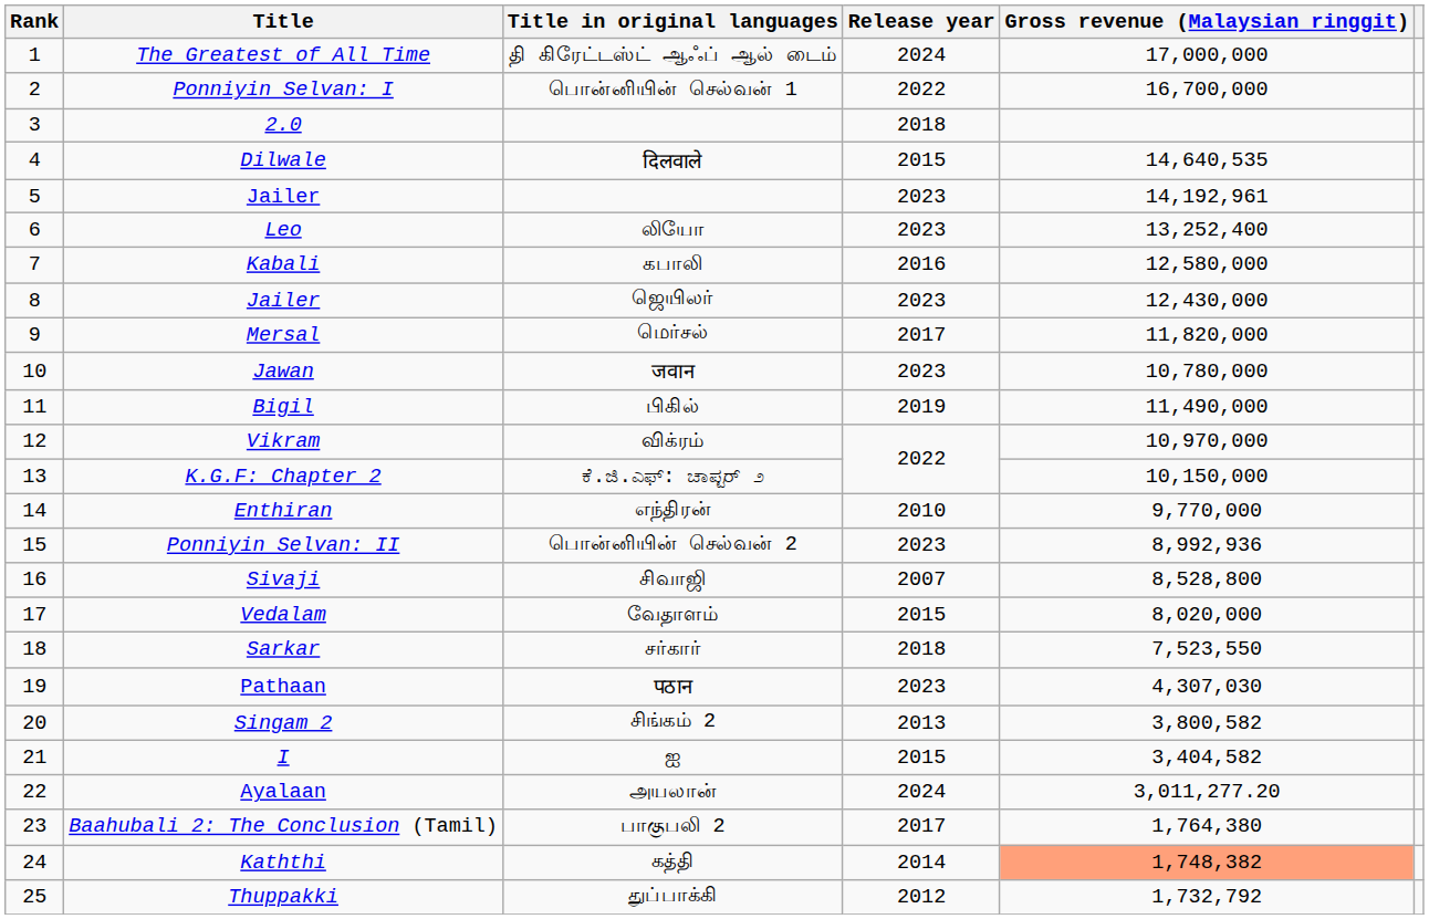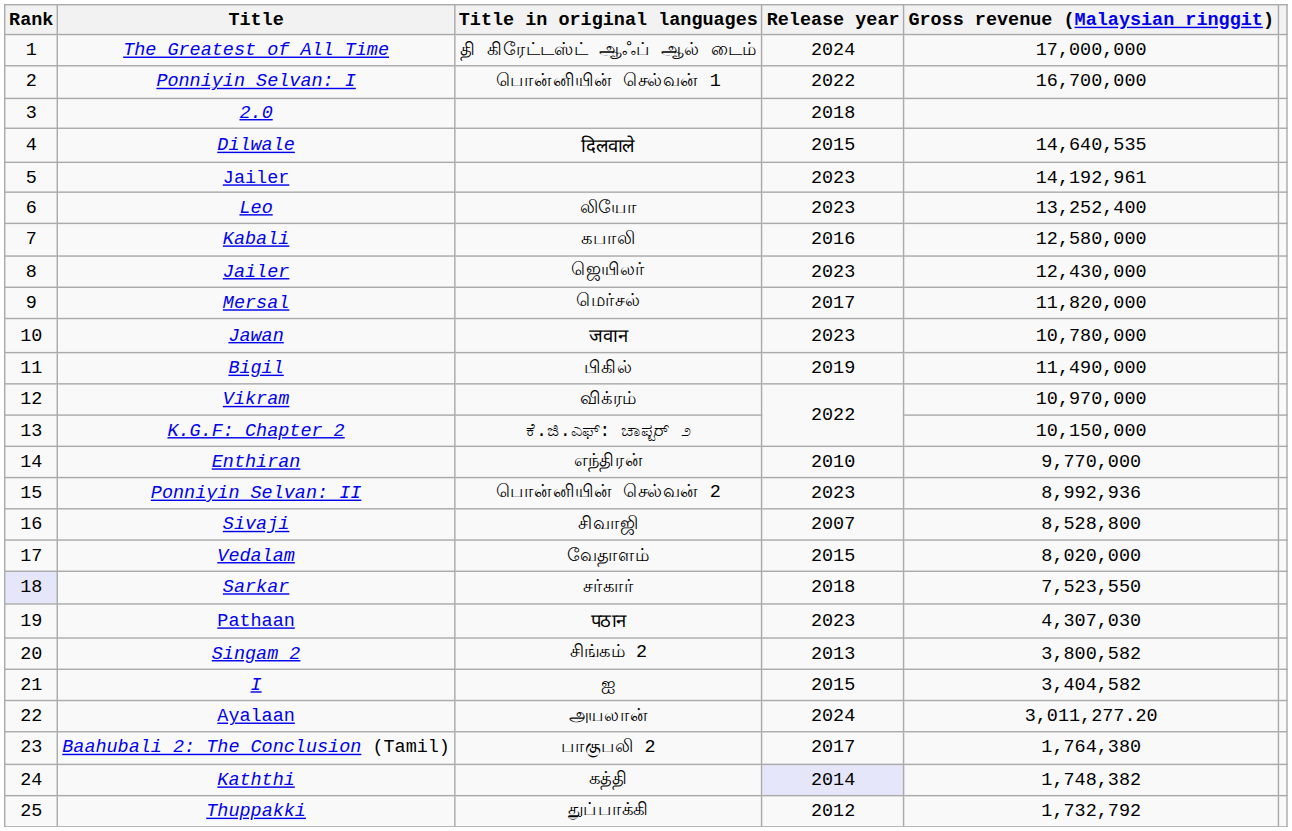 <table class="wikitable sortable" style="text-align:center">
 <tr>
 <th>Rank</th>
 <th>Title</th>
 <th>Title in original languages</th>
 <th>Release year</th>
 <th>Gross revenue (<a href='#'>Malaysian ringgit</a>)</th>
 <th class="unsortable"></th>
 </tr>
 <tr>
 <td>1</td>
 <td><em><a href='#'>The Greatest of All Time</a></em></td>
 <td>தி கிரேட்டஸ்ட் ஆஃப் ஆல் டைம்</td>
 <td>2024</td>
 <td>17,000,000</td>
 <td></td>
 </tr>
 <tr>
 <td>2</td>
 <td><em><a href='#'>Ponniyin Selvan: I</a></em></td>
 <td>பொன்னியின் செல்வன் 1</td>
 <td>2022</td>
 <td>16,700,000</td>
 <td></td>
 </tr>
 <tr>
 <td>3</td>
 <td><em><a href='#'>2.0</a></em></td>
 <td></td>
 <td>2018</td>
 <td></td>
 <td></td>
 </tr>
 <tr>
 <td>4</td>
 <td><em><a href='#'>Dilwale</a></em></td>
 <td>दिलवाले</td>
 <td>2015</td>
 <td>14,640,535</td>
 <td></td>
 </tr>
 <tr>
 <td>5</td>
 <td><a href='#'>Jailer</a></td>
 <td></td>
 <td>2023</td>
 <td>14,192,961</td>
 <td></td>
 </tr>
 <tr>
 <td>6</td>
 <td><em><a href='#'>Leo</a></em></td>
 <td>லியோ</td>
 <td>2023</td>
 <td>13,252,400</td>
 <td></td>
 </tr>
 <tr>
 <td>7</td>
 <td><em><a href='#'>Kabali</a></em></td>
 <td>கபாலி</td>
 <td>2016</td>
 <td>12,580,000</td>
 <td></td>
 </tr>
 <tr>
 <td>8</td>
 <td><em><a href='#'>Jailer</a></em></td>
 <td>ஜெயிலர்</td>
 <td>2023</td>
 <td>12,430,000</td>
 <td></td>
 </tr>
 <tr>
 <td>9</td>
 <td><em><a href='#'>Mersal</a></em></td>
 <td>மெர்சல்</td>
 <td>2017</td>
 <td>11,820,000</td>
 <td></td>
 </tr>
 <tr>
 <td>10</td>
 <td><em><a href='#'>Jawan</a></em></td>
 <td>जवान</td>
 <td>2023</td>
 <td>10,780,000</td>
 <td></td>
 </tr>
 <tr>
 <td>11</td>
 <td><em><a href='#'>Bigil</a></em></td>
 <td>பிகில்</td>
 <td>2019</td>
 <td>11,490,000</td>
 <td></td>
 </tr>
 <tr>
 <td>12</td>
 <td><em><a href='#'>Vikram</a></em></td>
 <td>விக்ரம்</td>
 <td rowspan="2">2022</td>
 <td>10,970,000</td>
 <td></td>
 </tr>
 <tr>
 <td>13</td>
 <td><em><a href='#'>K.G.F: Chapter 2</a></em></td>
 <td>ಕೆ.ಜಿ.ಎಫ್: ಚಾಪ್ಟರ್ ೨</td>
 <td>10,150,000</td>
 <td></td>
 </tr>
 <tr>
 <td>14</td>
 <td><em><a href='#'>Enthiran</a></em></td>
 <td>எந்திரன்</td>
 <td>2010</td>
 <td>9,770,000</td>
 <td></td>
 </tr>
 <tr>
 <td>15</td>
 <td><em><a href='#'>Ponniyin Selvan: II</a></em></td>
 <td>பொன்னியின் செல்வன் 2</td>
 <td>2023</td>
 <td>8,992,936</td>
 <td></td>
 </tr>
 <tr>
 <td>16</td>
 <td><em><a href='#'>Sivaji</a></em></td>
 <td>சிவாஜி</td>
 <td>2007</td>
 <td>8,528,800</td>
 <td></td>
 </tr>
 <tr>
 <td>17</td>
 <td><em><a href='#'>Vedalam</a></em></td>
 <td>வேதாளம்</td>
 <td>2015</td>
 <td>8,020,000</td>
 <td></td>
 </tr>
 <tr>
-<td>18</td>
+<td style="background: lavender;">18</td>
 <td><em><a href='#'>Sarkar</a></em></td>
 <td>சர்கார்</td>
 <td>2018</td>
 <td>7,523,550</td>
 <td></td>
 </tr>
 <tr>
 <td>19</td>
 <td><a href='#'>Pathaan</a></td>
 <td>पठान</td>
 <td>2023</td>
 <td>4,307,030</td>
 <td></td>
 </tr>
 <tr>
 <td>20</td>
 <td><em><a href='#'>Singam 2</a></em></td>
 <td>சிங்கம் 2</td>
 <td>2013</td>
 <td>3,800,582</td>
 <td></td>
 </tr>
 <tr>
 <td>21</td>
 <td><em><a href='#'>I</a></em></td>
 <td>ஐ</td>
 <td>2015</td>
 <td>3,404,582</td>
 <td></td>
 </tr>
 <tr>
 <td>22</td>
 <td><a href='#'>Ayalaan</a></td>
 <td>அயலான்</td>
 <td>2024</td>
 <td>3,011,277.20</td>
 <td></td>
 </tr>
 <tr>
 <td>23</td>
 <td><em><a href='#'>Baahubali 2: The Conclusion</a></em> (Tamil)</td>
 <td>பாகுபலி 2</td>
 <td>2017</td>
 <td>1,764,380</td>
 <td></td>
 </tr>
 <tr>
 <td>24</td>
 <td><em><a href='#'>Kaththi</a></em></td>
 <td>கத்தி</td>
-<td>2014</td>
-<td style="background: lightsalmon;">1,748,382</td>
+<td style="background: lavender;">2014</td>
+<td>1,748,382</td>
 <td></td>
 </tr>
 <tr>
 <td>25</td>
 <td><em><a href='#'>Thuppakki</a></em></td>
 <td>துப்பாக்கி</td>
 <td>2012</td>
 <td>1,732,792</td>
 <td></td>
 </tr>
 </table>
